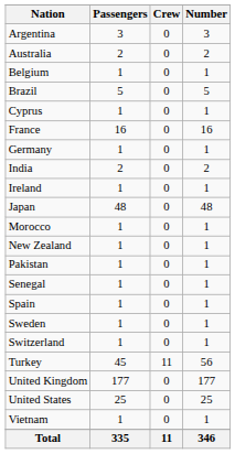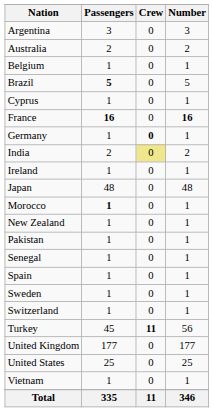 <table class="sortable wikitable" style="font-size:85%; margin:0 0 0.5em 1em; float:right;">
 <tr>
 </tr>
 <tr>
 <th>Nation</th>
 <th>Passengers</th>
 <th>Crew</th>
 <th>Number</th>
 </tr>
 <tr>
 <td>Argentina</td>
 <td style="text-align:center;">3</td>
 <td style="text-align:center;">0</td>
 <td style="text-align:center;">3</td>
 </tr>
 <tr>
 <td>Australia</td>
 <td style="text-align:center;">2</td>
 <td style="text-align:center;">0</td>
 <td style="text-align:center;">2</td>
 </tr>
 <tr>
 <td>Belgium</td>
 <td style="text-align:center;">1</td>
 <td style="text-align:center;">0</td>
 <td style="text-align:center;">1</td>
 </tr>
 <tr>
 <td>Brazil</td>
-<td style="text-align:center;">5</td>
+<td style="text-align:center;"><strong>5</strong></td>
 <td style="text-align:center;">0</td>
 <td style="text-align:center;">5</td>
 </tr>
 <tr>
 <td>Cyprus</td>
 <td style="text-align:center;">1</td>
 <td style="text-align:center;">0</td>
 <td style="text-align:center;">1</td>
 </tr>
 <tr>
 <td>France</td>
-<td style="text-align:center;">16</td>
+<td style="text-align:center;"><strong>16</strong></td>
 <td style="text-align:center;">0</td>
-<td style="text-align:center;">16</td>
+<td style="text-align:center;"><strong>16</strong></td>
 </tr>
 <tr>
 <td>Germany</td>
 <td style="text-align:center;">1</td>
-<td style="text-align:center;">0</td>
+<td style="text-align:center;"><strong>0</strong></td>
 <td style="text-align:center;">1</td>
 </tr>
 <tr>
 <td>India</td>
 <td style="text-align:center;">2</td>
-<td style="text-align:center;">0</td>
+<td style="background: khaki; text-align:center;">0</td>
 <td style="text-align:center;">2</td>
 </tr>
 <tr>
 <td>Ireland</td>
 <td style="text-align:center;">1</td>
 <td style="text-align:center;">0</td>
 <td style="text-align:center;">1</td>
 </tr>
 <tr>
 <td>Japan</td>
 <td style="text-align:center;">48</td>
 <td style="text-align:center;">0</td>
 <td style="text-align:center;">48</td>
 </tr>
 <tr>
 <td>Morocco</td>
-<td style="text-align:center;">1</td>
+<td style="text-align:center;"><strong>1</strong></td>
 <td style="text-align:center;">0</td>
 <td style="text-align:center;">1</td>
 </tr>
 <tr>
 <td>New Zealand</td>
 <td style="text-align:center;">1</td>
 <td style="text-align:center;">0</td>
 <td style="text-align:center;">1</td>
 </tr>
 <tr>
 <td>Pakistan</td>
 <td style="text-align:center;">1</td>
 <td style="text-align:center;">0</td>
 <td style="text-align:center;">1</td>
 </tr>
 <tr>
 <td>Senegal</td>
 <td style="text-align:center;">1</td>
 <td style="text-align:center;">0</td>
 <td style="text-align:center;">1</td>
 </tr>
 <tr>
 <td>Spain</td>
 <td style="text-align:center;">1</td>
 <td style="text-align:center;">0</td>
 <td style="text-align:center;">1</td>
 </tr>
 <tr>
 <td>Sweden</td>
 <td style="text-align:center;">1</td>
 <td style="text-align:center;">0</td>
 <td style="text-align:center;">1</td>
 </tr>
 <tr>
 <td>Switzerland</td>
 <td style="text-align:center;">1</td>
 <td style="text-align:center;">0</td>
 <td style="text-align:center;">1</td>
 </tr>
 <tr>
 <td>Turkey</td>
 <td style="text-align:center;">45</td>
-<td style="text-align:center;">11</td>
+<td style="text-align:center;"><strong>11</strong></td>
 <td style="text-align:center;">56</td>
 </tr>
 <tr>
 <td>United Kingdom</td>
 <td style="text-align:center;">177</td>
 <td style="text-align:center;">0</td>
 <td style="text-align:center;">177</td>
 </tr>
 <tr>
 <td>United States</td>
 <td style="text-align:center;">25</td>
 <td style="text-align:center;">0</td>
 <td style="text-align:center;">25</td>
 </tr>
 <tr>
 <td>Vietnam</td>
 <td style="text-align:center;">1</td>
 <td style="text-align:center;">0</td>
 <td style="text-align:center;">1</td>
 </tr>
 <tr>
 </tr>
 <tr style="font-weight:bold;">
 <th data-sort-value="zzz">Total</th>
 <th>335</th>
 <th>11</th>
 <th style="text-align:center;">346</th>
 </tr>
 </table>
